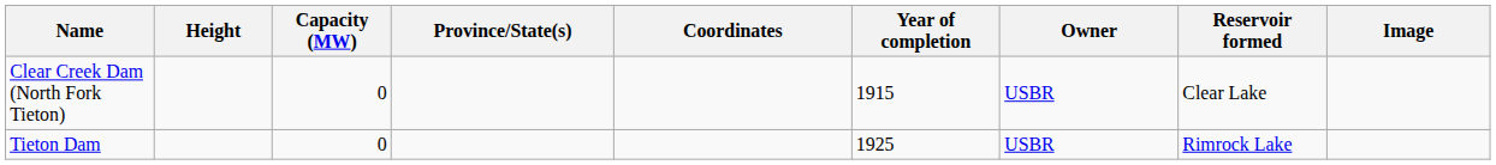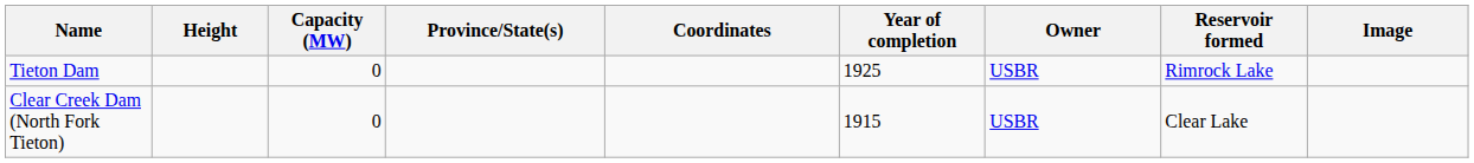 <table class="wikitable sortable" border="1">
 <tr>
 <th width="10%">Name</th>
 <th width="8%">Height</th>
 <th width="8%">Capacity (<a href='#'>MW</a>)</th>
 <th width="15%">Province/State(s)</th>
 <th width="16%">Coordinates</th>
 <th width="10%">Year of completion</th>
 <th width="12%">Owner</th>
 <th width="10%">Reservoir formed</th>
 <th>Image</th>
 </tr>
 <tr>
+<td><a href='#'>Tieton Dam</a></td>
+<td></td>
+<td align="right">0</td>
+<td></td>
+<td></td>
+<td>1925</td>
+<td><a href='#'>USBR</a></td>
+<td><a href='#'>Rimrock Lake</a></td>
+<td></td>
+</tr>
+<tr>
 <td><a href='#'>Clear Creek Dam</a> (North Fork Tieton)</td>
 <td></td>
 <td align="right">0</td>
 <td></td>
 <td></td>
 <td>1915</td>
 <td><a href='#'>USBR</a></td>
 <td>Clear Lake</td>
 <td><br></td>
 </tr>
-<tr>
-<td><a href='#'>Tieton Dam</a></td>
-<td></td>
-<td align="right">0</td>
-<td></td>
-<td></td>
-<td>1925</td>
-<td><a href='#'>USBR</a></td>
-<td><a href='#'>Rimrock Lake</a></td>
-<td></td>
-</tr>
 </table>
